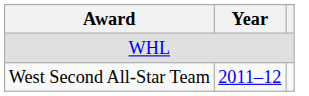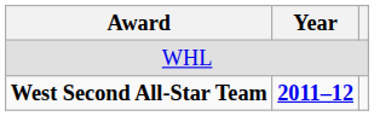 <table class="wikitable">
 <tr>
 <th>Award</th>
 <th>Year</th>
 <th></th>
 </tr>
 <tr ALIGN="center" bgcolor="#e0e0e0">
 <td colspan="3"><a href='#'>WHL</a></td>
 </tr>
 <tr>
-<td>West Second All-Star Team</td>
-<td><a href='#'>2011–12</a></td>
+<td><strong>West Second All-Star Team</strong></td>
+<td><strong><a href='#'>2011–12</a></strong></td>
 <td></td>
 </tr>
 </table>
